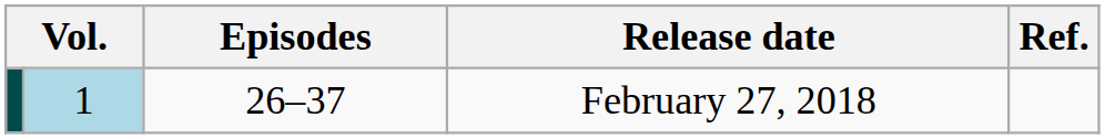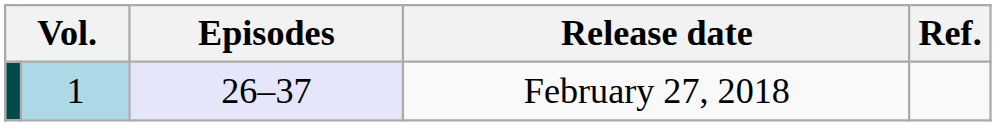 <table class="wikitable" style="text-align: center; width: 70%;">
 <tr>
 <th colspan="2">Vol.</th>
 <th>Episodes</th>
 <th scope="column">Release date</th>
 <th width="5%">Ref.</th>
 </tr>
 <tr>
 <td rowspan="10" width="1%" style="background: #004B49;"></td>
 <td style="background: lightblue;">1</td>
-<td>26–37</td>
+<td style="background: lavender;">26–37</td>
 <td>February 27, 2018</td>
 <td></td>
 </tr>
 </table>
